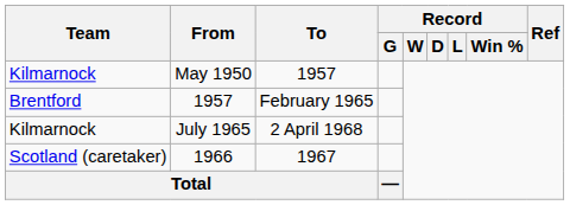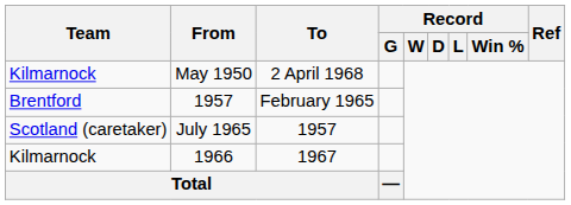 <table class="wikitable" style="text-align: center">
 <tr>
 <th rowspan="2">Team</th>
 <th rowspan="2">From</th>
 <th rowspan="2">To</th>
 <th colspan="5">Record</th>
 <th rowspan="2">Ref</th>
 </tr>
 <tr>
 <th>G</th>
 <th>W</th>
 <th>D</th>
 <th>L</th>
 <th>Win %</th>
 </tr>
 <tr>
 <td align="left"><a href='#'>Kilmarnock</a></td>
 <td>May 1950</td>
-<td>1957<br></td>
+<td>2 April 1968<br></td>
 <td></td>
 </tr>
 <tr>
 <td align="left"><a href='#'>Brentford</a></td>
 <td>1957</td>
 <td>February 1965<br></td>
 <td></td>
 </tr>
 <tr>
-<td align="left">Kilmarnock</td>
+<td align="left"><a href='#'>Scotland</a> (caretaker)</td>
 <td>July 1965</td>
-<td>2 April 1968<br></td>
+<td>1957<br></td>
 <td></td>
 </tr>
 <tr>
-<td align="left"><a href='#'>Scotland</a> (caretaker)</td>
+<td align="left">Kilmarnock</td>
 <td>1966</td>
 <td>1967<br></td>
 <td></td>
 </tr>
 <tr>
 <th colspan="3">Total<br></th>
 <th>—</th>
 </tr>
 </table>
